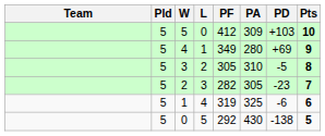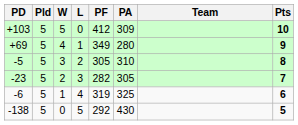 <table class="wikitable" style="text-align:center;">
 <tr>
-<th width=200>Team</th>
+<th width=30>PD</th>
 <th width=20>Pld</th>
 <th width=20>W</th>
 <th width=20>L</th>
 <th width=30>PF</th>
 <th width=30>PA</th>
-<th width=30>PD</th>
+<th width=200>Team</th>
 <th width=20>Pts</th>
 </tr>
 <tr style="background:#cfc;">
-<td align=left></td>
+<td>+103</td>
 <td>5</td>
 <td>5</td>
 <td>0</td>
 <td>412</td>
 <td>309</td>
-<td>+103</td>
+<td align=left></td>
 <td><strong>10</strong></td>
 </tr>
 <tr style="background:#cfc;">
-<td align=left></td>
+<td>+69</td>
 <td>5</td>
 <td>4</td>
 <td>1</td>
 <td>349</td>
 <td>280</td>
-<td>+69</td>
+<td align=left></td>
 <td><strong>9</strong></td>
 </tr>
 <tr style="background:#cfc;">
-<td align=left></td>
+<td>-5</td>
 <td>5</td>
 <td>3</td>
 <td>2</td>
 <td>305</td>
 <td>310</td>
-<td>-5</td>
+<td align=left></td>
 <td><strong>8</strong></td>
 </tr>
 <tr style="background:#cfc;">
-<td align=left></td>
+<td>-23</td>
 <td>5</td>
 <td>2</td>
 <td>3</td>
 <td>282</td>
 <td>305</td>
-<td>-23</td>
+<td align=left></td>
 <td><strong>7</strong></td>
 </tr>
 <tr>
-<td align=left></td>
+<td>-6</td>
 <td>5</td>
 <td>1</td>
 <td>4</td>
 <td>319</td>
 <td>325</td>
-<td>-6</td>
+<td align=left></td>
 <td><strong>6</strong></td>
 </tr>
 <tr>
-<td align=left></td>
+<td>-138</td>
 <td>5</td>
 <td>0</td>
 <td>5</td>
 <td>292</td>
 <td>430</td>
-<td>-138</td>
+<td align=left></td>
 <td><strong>5</strong></td>
 </tr>
 </table>
